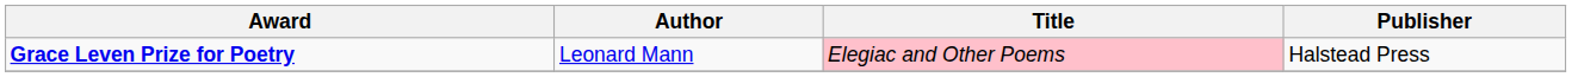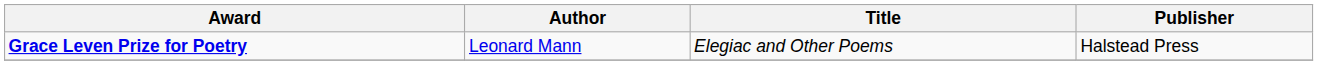 <table class="wikitable" width=95%>
 <tr>
 <th>Award</th>
 <th>Author</th>
 <th>Title</th>
 <th>Publisher</th>
 </tr>
 <tr>
 <td><strong><a href='#'>Grace Leven Prize for Poetry</a></strong></td>
 <td><a href='#'>Leonard Mann</a></td>
-<td style="background: pink;"><em>Elegiac and Other Poems</em></td>
+<td><em>Elegiac and Other Poems</em></td>
 <td>Halstead Press</td>
 </tr>
 <tr>
 </tr>
 </table>
